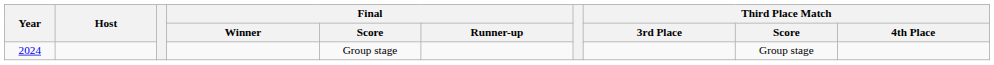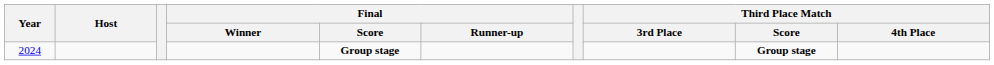 <table class="wikitable" style="font-size: 90%; text-align: center; width: 100%;">
 <tr>
 <th rowspan="2" width="5%">Year</th>
 <th rowspan="2" width="10%">Host</th>
 <th rowspan="3" width="1%"></th>
 <th colspan="3">Final</th>
 <th rowspan="3" width="1%"></th>
 <th colspan="3">Third Place Match</th>
 </tr>
 <tr>
 <th width="15%">Winner</th>
 <th width="10%">Score</th>
 <th width="15%">Runner-up</th>
 <th width="15%">3rd Place</th>
 <th width="10%">Score</th>
 <th width="15%">4th Place</th>
 </tr>
 <tr>
 <td><a href='#'>2024</a></td>
 <td align=left></td>
 <td><strong></strong></td>
-<td>Group stage</td>
+<td><strong>Group stage</strong></td>
 <td></td>
 <td></td>
-<td>Group stage</td>
+<td><strong>Group stage</strong></td>
 <td></td>
 </tr>
 </table>
